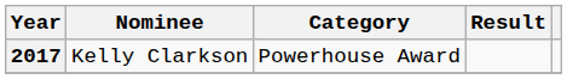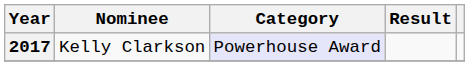 <table class="wikitable plainrowheaders">
 <tr>
 <th>Year</th>
 <th>Nominee</th>
 <th>Category</th>
 <th>Result</th>
 <th></th>
 </tr>
 <tr>
 <th scope="row" align="center">2017</th>
 <td>Kelly Clarkson</td>
-<td>Powerhouse Award</td>
+<td style="background: lavender;">Powerhouse Award</td>
 <td></td>
 <td align="center"></td>
 </tr>
 <tr>
 </tr>
 </table>
